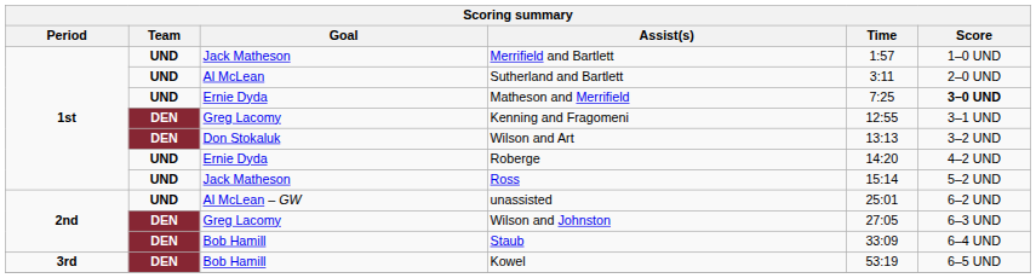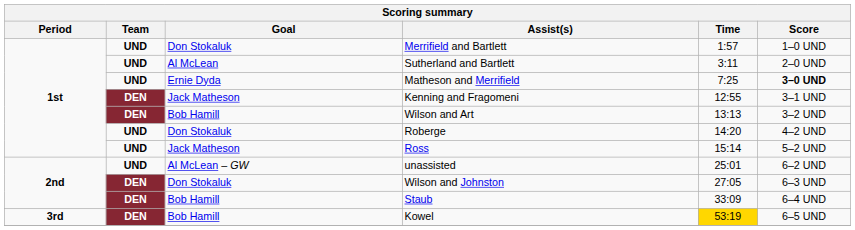 <table style="width:100%;" class="wikitable">
 <tr>
 <th colspan=6>Scoring summary</th>
 </tr>
 <tr>
 <th style="width:12%;">Period</th>
 <th style="width:7%;">Team</th>
 <th style="width:28%;">Goal</th>
 <th style="width:35%;">Assist(s)</th>
 <th style="width:7%;">Time</th>
 <th style="width:11%;">Score</th>
 </tr>
 <tr>
 <td style="text-align:center;" rowspan="7"><strong>1st</strong></td>
 <td align=center><strong>UND</strong></td>
-<td><a href='#'>Jack Matheson</a></td>
+<td><a href='#'>Don Stokaluk</a></td>
 <td><a href='#'>Merrifield</a> and Bartlett</td>
 <td align=center>1:57</td>
 <td align=center>1–0 UND</td>
 </tr>
 <tr>
 <td align=center><strong>UND</strong></td>
 <td><a href='#'>Al McLean</a></td>
 <td>Sutherland and Bartlett</td>
 <td align=center>3:11</td>
 <td align=center>2–0 UND</td>
 </tr>
 <tr>
 <td align=center><strong>UND</strong></td>
 <td><a href='#'>Ernie Dyda</a></td>
 <td>Matheson and <a href='#'>Merrifield</a></td>
 <td align=center>7:25</td>
 <td align=center><strong>3–0 UND</strong></td>
 </tr>
 <tr>
 <td align=center style="color:white; background:#862633; "><strong>DEN</strong></td>
-<td><a href='#'>Greg Lacomy</a></td>
+<td><a href='#'>Jack Matheson</a></td>
 <td>Kenning and Fragomeni</td>
 <td align=center>12:55</td>
 <td align=center>3–1 UND</td>
 </tr>
 <tr>
 <td align=center style="color:white; background:#862633; "><strong>DEN</strong></td>
-<td><a href='#'>Don Stokaluk</a></td>
+<td><a href='#'>Bob Hamill</a></td>
 <td>Wilson and Art</td>
 <td align=center>13:13</td>
 <td align=center>3–2 UND</td>
 </tr>
 <tr>
 <td align=center><strong>UND</strong></td>
-<td><a href='#'>Ernie Dyda</a></td>
+<td><a href='#'>Don Stokaluk</a></td>
 <td>Roberge</td>
 <td align=center>14:20</td>
 <td align=center>4–2 UND</td>
 </tr>
 <tr>
 <td align=center><strong>UND</strong></td>
 <td><a href='#'>Jack Matheson</a></td>
 <td><a href='#'>Ross</a></td>
 <td align=center>15:14</td>
 <td align=center>5–2 UND</td>
 </tr>
 <tr>
 <td style="text-align:center;" rowspan="3"><strong>2nd</strong></td>
 <td align=center><strong>UND</strong></td>
 <td><a href='#'>Al McLean</a> – <em>GW</em></td>
 <td>unassisted</td>
 <td align=center>25:01</td>
 <td align=center>6–2 UND</td>
 </tr>
 <tr>
 <td align=center style="color:white; background:#862633; "><strong>DEN</strong></td>
-<td><a href='#'>Greg Lacomy</a></td>
+<td><a href='#'>Don Stokaluk</a></td>
 <td>Wilson and <a href='#'>Johnston</a></td>
 <td align=center>27:05</td>
 <td align=center>6–3 UND</td>
 </tr>
 <tr>
 <td align=center style="color:white; background:#862633; "><strong>DEN</strong></td>
 <td><a href='#'>Bob Hamill</a></td>
 <td><a href='#'>Staub</a></td>
 <td align=center>33:09</td>
 <td align=center>6–4 UND</td>
 </tr>
 <tr>
 <td style="text-align:center;" rowspan="1"><strong>3rd</strong></td>
 <td align=center style="color:white; background:#862633; "><strong>DEN</strong></td>
 <td><a href='#'>Bob Hamill</a></td>
 <td>Kowel</td>
-<td align=center>53:19</td>
+<td align=center style="background: gold;">53:19</td>
 <td align=center>6–5 UND</td>
 </tr>
 <tr>
 </tr>
 </table>
